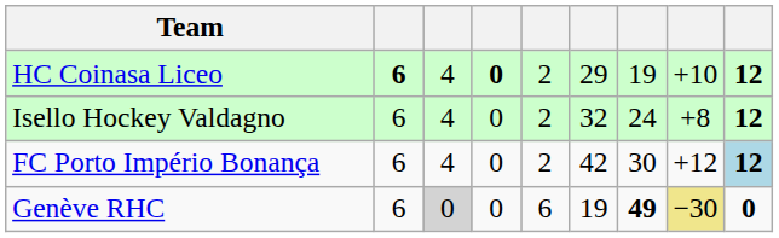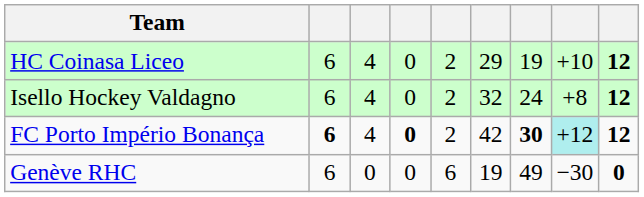 <table class="wikitable" style="text-align:center">
 <tr>
 <th width="200">Team</th>
 <th width="20"></th>
 <th width="20"></th>
 <th width="20"></th>
 <th width="20"></th>
 <th width="20"></th>
 <th width="20"></th>
 <th width="20"></th>
 <th width="20"></th>
 </tr>
 <tr bgcolor="#ccffcc">
 <td align=left> <a href='#'>HC Coinasa Liceo</a></td>
-<td><strong>6</strong></td>
+<td>6</td>
 <td>4</td>
-<td><strong>0</strong></td>
+<td>0</td>
 <td>2</td>
 <td>29</td>
 <td>19</td>
 <td>+10</td>
 <td><strong>12</strong></td>
 </tr>
 <tr bgcolor="#ccffcc">
 <td align=left> Isello Hockey Valdagno</td>
 <td>6</td>
 <td>4</td>
 <td>0</td>
 <td>2</td>
 <td>32</td>
 <td>24</td>
 <td>+8</td>
 <td><strong>12</strong></td>
 </tr>
 <tr>
 <td align=left> <a href='#'>FC Porto Império Bonança</a></td>
-<td>6</td>
+<td><strong>6</strong></td>
 <td>4</td>
-<td>0</td>
+<td><strong>0</strong></td>
 <td>2</td>
 <td>42</td>
-<td>30</td>
-<td>+12</td>
-<td style="background: lightblue;"><strong>12</strong></td>
+<td><strong>30</strong></td>
+<td style="background: paleturquoise;">+12</td>
+<td><strong>12</strong></td>
 </tr>
 <tr>
 <td align=left> <a href='#'>Genève RHC</a></td>
 <td>6</td>
-<td style="background: lightgrey;">0</td>
+<td>0</td>
 <td>0</td>
 <td>6</td>
 <td>19</td>
-<td><strong>49</strong></td>
-<td style="background: khaki;">−30</td>
+<td>49</td>
+<td>−30</td>
 <td><strong>0</strong></td>
 </tr>
 </table>
